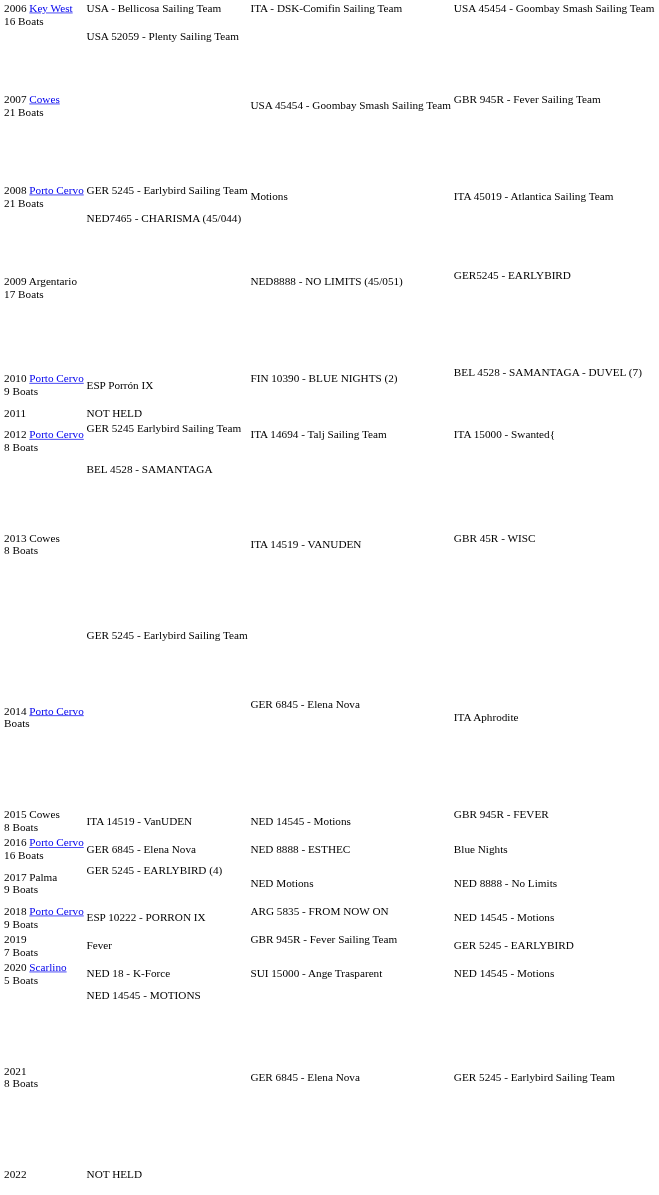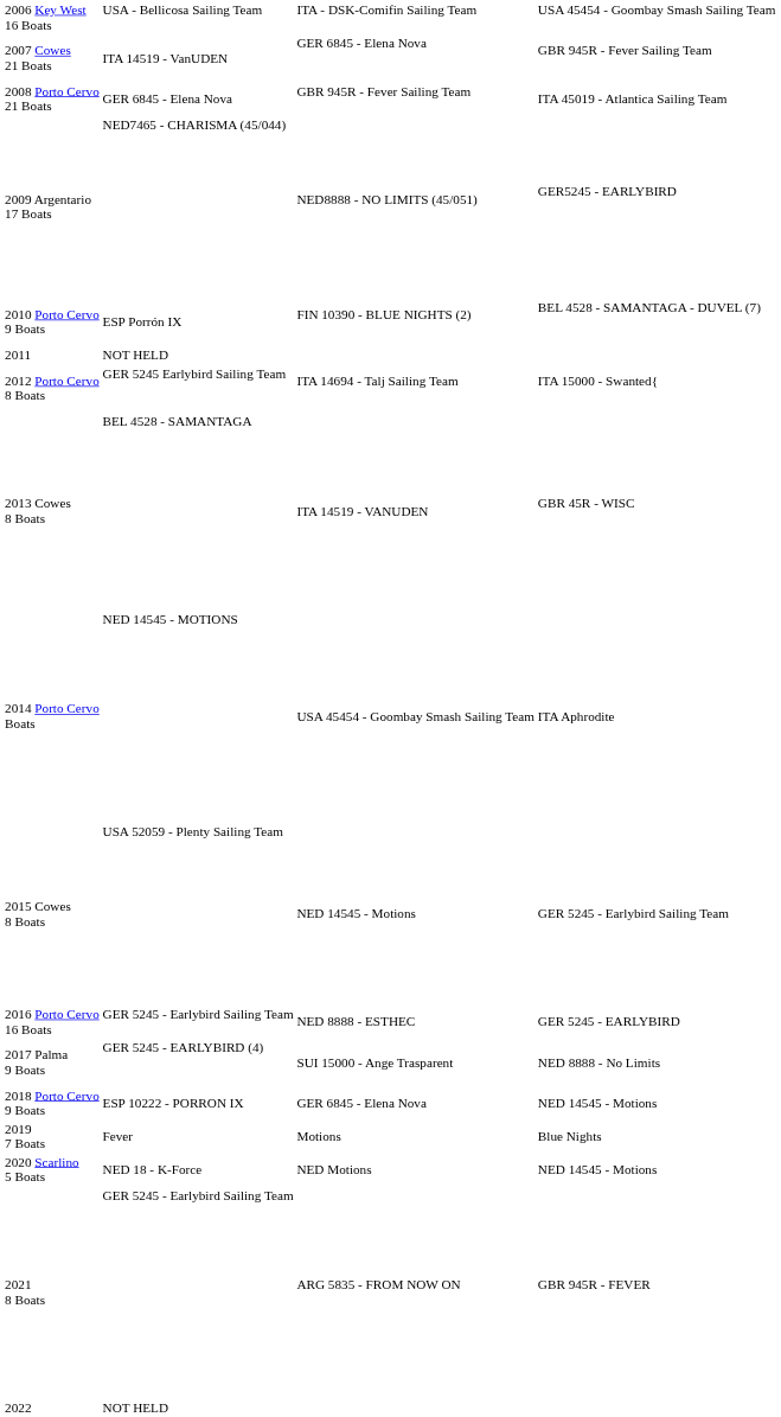 <table>
 <tr valign=top>
 <td>2006 <a href='#'>Key West</a><br>16 Boats</td>
 <td>USA - Bellicosa Sailing Team<br></td>
 <td>ITA - DSK-Comifin Sailing Team<br></td>
 <td>USA 45454 - Goombay Smash Sailing Team<br></td>
 <td></td>
 </tr>
 <tr>
 <td>2007 <a href='#'>Cowes</a><br>21 Boats</td>
-<td>USA 52059 - Plenty Sailing Team<br><br><br> <br> <br> <br> <br> <br> <br> <br> <br> <br> </td>
-<td>USA 45454 - Goombay Smash Sailing Team<br></td>
+<td>ITA 14519 - VanUDEN<br></td>
+<td>GER 6845 - Elena Nova<br><br><br></td>
 <td>GBR 945R - Fever Sailing Team<br><br></td>
 <td></td>
 </tr>
 <tr>
 <td>2008 <a href='#'>Porto Cervo</a><br>21 Boats</td>
-<td>GER 5245 - Earlybird Sailing Team<br><br></td>
-<td>Motions<br></td>
+<td>GER 6845 - Elena Nova<br></td>
+<td>GBR 945R - Fever Sailing Team<br><br></td>
 <td>ITA 45019 - Atlantica Sailing Team<br></td>
 <td></td>
 </tr>
 <tr>
 <td>2009 Argentario<br>17 Boats</td>
 <td>NED7465 - CHARISMA (45/044)<br><br><br> <br> <br> <br> <br> <br> <br> <br> <br> <br> </td>
 <td>NED8888 - NO LIMITS (45/051)<br><br></td>
 <td>GER5245 - EARLYBIRD<br><br><br> </td>
 <td></td>
 </tr>
 <tr>
 <td>2010 <a href='#'>Porto Cervo</a><br>9 Boats</td>
 <td>ESP Porrón IX<br></td>
 <td>FIN 10390 - BLUE NIGHTS (2)<br><br></td>
 <td>BEL 4528 - SAMANTAGA - DUVEL (7)<br><br><br> </td>
 <td></td>
 </tr>
 <tr>
 <td>2011</td>
 <td colspan=3>NOT HELD</td>
 <td></td>
 </tr>
 <tr>
 <td>2012 <a href='#'>Porto Cervo</a><br>8 Boats</td>
 <td>GER 5245 Earlybird Sailing Team<br><br><br> </td>
 <td>ITA 14694 - Talj Sailing Team<br><br></td>
 <td>ITA 15000 - Swanted{<br><br></td>
 <td></td>
 </tr>
 <tr>
 <td>2013 Cowes<br>8 Boats</td>
 <td>BEL 4528 - SAMANTAGA <br><br><br> <br> <br> <br> <br> <br> <br> <br> <br> <br> <br> </td>
 <td>ITA 14519 - VANUDEN<br></td>
 <td>GBR 45R - WISC<br><br></td>
 <td></td>
 </tr>
 <tr>
 <td>2014 <a href='#'>Porto Cervo</a><br> Boats</td>
-<td>GER 5245 - Earlybird Sailing Team<br><br><br> <br> <br> <br> <br> <br> <br> <br> <br> <br> <br> <br></td>
-<td>GER 6845 - Elena Nova<br><br><br></td>
+<td>NED 14545 - MOTIONS<br><br><br> <br> <br> <br> <br> <br> <br> <br> <br> <br> <br> <br></td>
+<td>USA 45454 - Goombay Smash Sailing Team<br></td>
 <td>ITA Aphrodite<br></td>
 <td></td>
 </tr>
 <tr>
 <td>2015 Cowes<br>8 Boats</td>
-<td>ITA 14519 - VanUDEN<br></td>
+<td>USA 52059 - Plenty Sailing Team<br><br><br> <br> <br> <br> <br> <br> <br> <br> <br> <br> </td>
 <td>NED 14545 - Motions<br></td>
-<td>GBR 945R - FEVER<br><br></td>
+<td>GER 5245 - Earlybird Sailing Team<br></td>
 <td></td>
 </tr>
 <tr>
 <td>2016 <a href='#'>Porto Cervo</a> <br>16 Boats</td>
-<td>GER 6845 - Elena Nova<br></td>
+<td>GER 5245 - Earlybird Sailing Team<br><br></td>
 <td>NED 8888 - ESTHEC<br></td>
-<td>Blue Nights<br></td>
+<td>GER 5245 - EARLYBIRD<br></td>
 <td></td>
 </tr>
 <tr>
 <td>2017 Palma <br> 9 Boats</td>
 <td>GER 5245 - EARLYBIRD (4)<br><br><br> </td>
-<td>NED Motions<br></td>
+<td>SUI 15000 - Ange Trasparent<br></td>
 <td>NED 8888 - No Limits<br></td>
 <td></td>
 </tr>
 <tr>
 <td>2018 <a href='#'>Porto Cervo</a> <br> 9 Boats</td>
 <td>ESP 10222 - PORRON IX<br></td>
-<td>ARG 5835 - FROM NOW ON<br><br></td>
+<td>GER 6845 - Elena Nova<br></td>
 <td>NED 14545 - Motions<br></td>
 <td></td>
 </tr>
 <tr>
 <td>2019 <br> 7 Boats</td>
 <td>Fever<br></td>
-<td>GBR 945R - Fever Sailing Team<br><br></td>
-<td>GER 5245 - EARLYBIRD<br></td>
+<td>Motions<br></td>
+<td>Blue Nights<br></td>
 <td></td>
 </tr>
 <tr>
 <td>2020 <a href='#'>Scarlino</a> <br> 5 Boats<br></td>
 <td>NED 18 - K-Force<br></td>
-<td>SUI 15000 - Ange Trasparent<br></td>
+<td>NED Motions<br></td>
 <td>NED 14545 - Motions<br></td>
 <td></td>
 </tr>
 <tr>
 <td>2021 <br> 8 Boats</td>
-<td>NED 14545 - MOTIONS<br><br><br> <br> <br> <br> <br> <br> <br> <br> <br> <br> <br> <br></td>
-<td>GER 6845 - Elena Nova<br></td>
-<td>GER 5245 - Earlybird Sailing Team<br></td>
+<td>GER 5245 - Earlybird Sailing Team<br><br><br> <br> <br> <br> <br> <br> <br> <br> <br> <br> <br> <br></td>
+<td>ARG 5835 - FROM NOW ON<br><br></td>
+<td>GBR 945R - FEVER<br><br></td>
 <td></td>
 </tr>
 <tr>
 <td>2022</td>
 <td colspan=3>NOT HELD</td>
 <td></td>
 </tr>
 <tr>
 </tr>
 </table>
